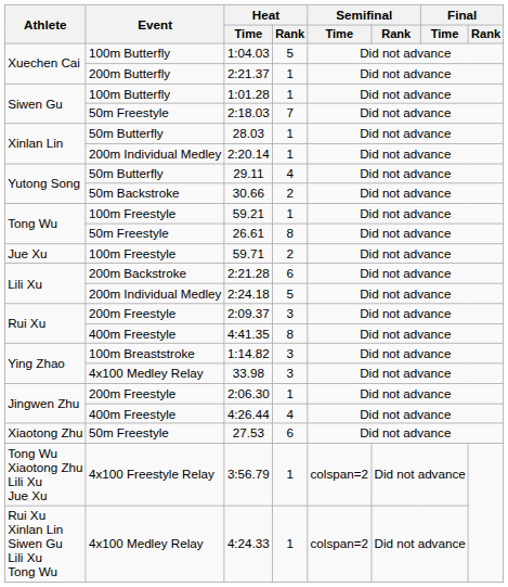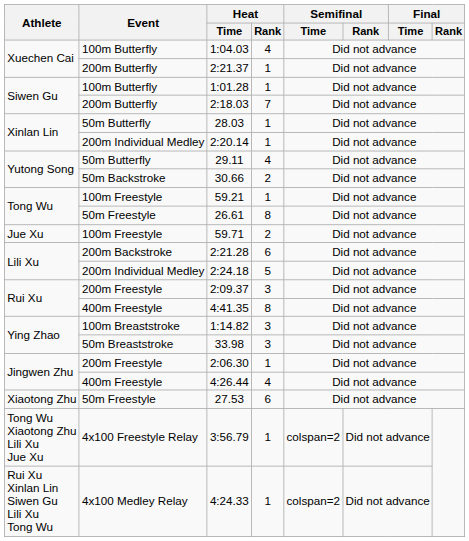 <table class=wikitable style="font-size:90%">
 <tr>
 <th rowspan="2">Athlete</th>
 <th rowspan="2">Event</th>
 <th colspan="2">Heat</th>
 <th colspan="2">Semifinal</th>
 <th colspan="2">Final</th>
 </tr>
 <tr style="font-size:95%">
 <th>Time</th>
 <th>Rank</th>
 <th>Time</th>
 <th>Rank</th>
 <th>Time</th>
 <th>Rank</th>
 </tr>
 <tr align=center>
 <td align=left rowspan=2>Xuechen Cai</td>
 <td align=left>100m Butterfly</td>
 <td>1:04.03</td>
-<td>5</td>
+<td>4</td>
 <td colspan=4>Did not advance</td>
 </tr>
 <tr align=center>
 <td align=left>200m Butterfly</td>
 <td>2:21.37</td>
 <td>1</td>
 <td colspan=4>Did not advance</td>
 </tr>
 <tr align=center>
 <td align=left rowspan=2>Siwen Gu</td>
 <td align=left>100m Butterfly</td>
 <td>1:01.28</td>
 <td>1</td>
 <td colspan=4>Did not advance</td>
 </tr>
 <tr align=center>
-<td align=left>50m Freestyle</td>
+<td align=left>200m Butterfly</td>
 <td>2:18.03</td>
 <td>7</td>
 <td colspan=4>Did not advance</td>
 </tr>
 <tr align=center>
 <td align=left rowspan=2>Xinlan Lin</td>
 <td align=left>50m Butterfly</td>
 <td>28.03</td>
 <td>1</td>
 <td colspan=4>Did not advance</td>
 </tr>
 <tr align=center>
 <td align=left>200m Individual Medley</td>
 <td>2:20.14</td>
 <td>1</td>
 <td colspan=4>Did not advance</td>
 </tr>
 <tr align=center>
 <td align=left rowspan=2>Yutong Song</td>
 <td align=left>50m Butterfly</td>
 <td>29.11</td>
 <td>4</td>
 <td colspan=4>Did not advance</td>
 </tr>
 <tr align=center>
 <td align=left>50m Backstroke</td>
 <td>30.66</td>
 <td>2</td>
 <td colspan=4>Did not advance</td>
 </tr>
 <tr align=center>
 <td align=left rowspan=2>Tong Wu</td>
 <td align=left>100m Freestyle</td>
 <td>59.21</td>
 <td>1</td>
 <td colspan=4>Did not advance</td>
 </tr>
 <tr align=center>
 <td align=left>50m Freestyle</td>
 <td>26.61</td>
 <td>8</td>
 <td colspan=4>Did not advance</td>
 </tr>
 <tr align=center>
 <td align=left>Jue Xu</td>
 <td align=left>100m Freestyle</td>
 <td>59.71</td>
 <td>2</td>
 <td colspan=4>Did not advance</td>
 </tr>
 <tr align=center>
 <td align=left rowspan=2>Lili Xu</td>
 <td align=left>200m Backstroke</td>
 <td>2:21.28</td>
 <td>6</td>
 <td colspan=4>Did not advance</td>
 </tr>
 <tr align=center>
 <td align=left>200m Individual Medley</td>
 <td>2:24.18</td>
 <td>5</td>
 <td colspan=4>Did not advance</td>
 </tr>
 <tr align=center>
 <td align=left rowspan=2>Rui Xu</td>
 <td align=left>200m Freestyle</td>
 <td>2:09.37</td>
 <td>3</td>
 <td colspan=4>Did not advance</td>
 </tr>
 <tr align=center>
 <td align=left>400m Freestyle</td>
 <td>4:41.35</td>
 <td>8</td>
 <td colspan=4>Did not advance</td>
 </tr>
 <tr align=center>
 <td align=left rowspan=2>Ying Zhao</td>
 <td align=left>100m Breaststroke</td>
 <td>1:14.82</td>
 <td>3</td>
 <td colspan=4>Did not advance</td>
 </tr>
 <tr align=center>
-<td align=left>4x100 Medley Relay</td>
+<td align=left>50m Breaststroke</td>
 <td>33.98</td>
 <td>3</td>
 <td colspan=4>Did not advance</td>
 </tr>
 <tr align=center>
 <td align=left rowspan=2>Jingwen Zhu</td>
 <td align=left>200m Freestyle</td>
 <td>2:06.30</td>
 <td>1</td>
 <td colspan=4>Did not advance</td>
 </tr>
 <tr align=center>
 <td align=left>400m Freestyle</td>
 <td>4:26.44</td>
 <td>4</td>
 <td colspan=4>Did not advance</td>
 </tr>
 <tr align=center>
 <td align=left>Xiaotong Zhu</td>
 <td align=left>50m Freestyle</td>
 <td>27.53</td>
 <td>6</td>
 <td colspan=4>Did not advance</td>
 </tr>
 <tr align=center>
 <td align=left>Tong Wu<br>Xiaotong Zhu<br>Lili Xu<br>Jue Xu</td>
 <td align=left>4x100 Freestyle Relay</td>
 <td>3:56.79</td>
 <td>1</td>
 <td>colspan=2 </td>
 <td colspan=2>Did not advance</td>
 </tr>
 <tr align=center>
 <td align=left>Rui Xu<br>Xinlan Lin<br>Siwen Gu<br>Lili Xu<br>Tong Wu<br></td>
 <td align=left>4x100 Medley Relay</td>
 <td>4:24.33</td>
 <td>1</td>
 <td>colspan=2 </td>
 <td colspan=2>Did not advance</td>
 </tr>
 </table>
